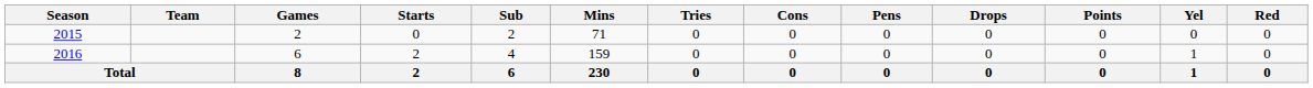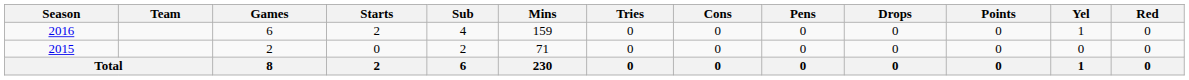 <table class="wikitable" style="text-align:center; line-height:90%; font-size:95%; width:70%;">
 <tr>
 <th>Season</th>
 <th>Team</th>
 <th>Games</th>
 <th>Starts</th>
 <th>Sub</th>
 <th>Mins</th>
 <th>Tries</th>
 <th>Cons</th>
 <th>Pens</th>
 <th>Drops</th>
 <th>Points</th>
 <th>Yel</th>
 <th>Red</th>
 </tr>
 <tr>
+<td><a href='#'>2016</a></td>
+<td></td>
+<td>6</td>
+<td>2</td>
+<td>4</td>
+<td>159</td>
+<td>0</td>
+<td>0</td>
+<td>0</td>
+<td>0</td>
+<td>0</td>
+<td>1</td>
+<td>0</td>
+</tr>
+<tr>
 <td><a href='#'>2015</a></td>
 <td></td>
 <td>2</td>
 <td>0</td>
 <td>2</td>
 <td>71</td>
 <td>0</td>
 <td>0</td>
 <td>0</td>
 <td>0</td>
 <td>0</td>
 <td>0</td>
-<td>0</td>
-</tr>
-<tr>
-<td><a href='#'>2016</a></td>
-<td></td>
-<td>6</td>
-<td>2</td>
-<td>4</td>
-<td>159</td>
-<td>0</td>
-<td>0</td>
-<td>0</td>
-<td>0</td>
-<td>0</td>
-<td>1</td>
 <td>0</td>
 </tr>
 <tr>
 <th colspan="2">Total</th>
 <th>8</th>
 <th>2</th>
 <th>6</th>
 <th>230</th>
 <th>0</th>
 <th>0</th>
 <th>0</th>
 <th>0</th>
 <th>0</th>
 <th>1</th>
 <th>0</th>
 </tr>
 </table>
